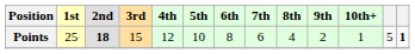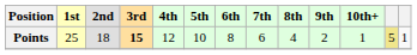 <table class="wikitable" style="font-size:85%; text-align:center">
 <tr>
 <th>Position</th>
 <td style="background:#FFFFBF;"> <strong>1st</strong> </td>
 <td style="background:#DFDFDF;"> <strong>2nd</strong> </td>
 <td style="background:#FFDF9F;"> <strong>3rd</strong> </td>
 <td style="background:#DFFFDF;"> <strong>4th</strong> </td>
 <td style="background:#DFFFDF;"> <strong>5th</strong> </td>
 <td style="background:#DFFFDF;"> <strong>6th</strong> </td>
 <td style="background:#DFFFDF;"> <strong>7th</strong> </td>
 <td style="background:#DFFFDF;"> <strong>8th</strong> </td>
 <td style="background:#DFFFDF;"> <strong>9th</strong> </td>
 <td style="background:#DFFFDF;"> <strong>10th+</strong> </td>
 <th></th>
 <th></th>
 </tr>
 <tr>
 <th>Points</th>
 <td style="background:#FFFFBF;">25</td>
-<td style="background:#DFDFDF;"><strong>18</strong></td>
-<td style="background:#FFDF9F;">15</td>
+<td style="background:#DFDFDF;">18</td>
+<td style="background:#FFDF9F;"><strong>15</strong></td>
 <td style="background:#DFFFDF;">12</td>
 <td style="background:#DFFFDF;">10</td>
 <td style="background:#DFFFDF;">8</td>
 <td style="background:#DFFFDF;">6</td>
 <td style="background:#DFFFDF;">4</td>
 <td style="background:#DFFFDF;">2</td>
 <td style="background:#DFFFDF;">1</td>
-<td>5</td>
-<td><strong>1</strong></td>
+<td style="background: khaki;">5</td>
+<td>1</td>
 </tr>
 <tr>
 </tr>
 </table>
